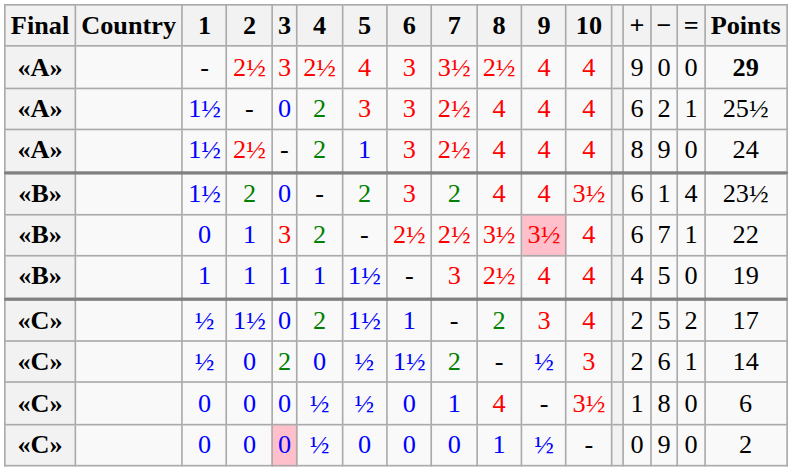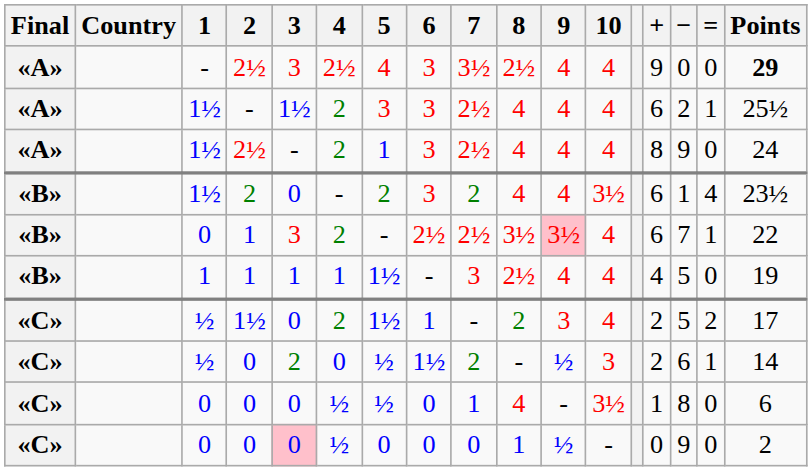 <table class="wikitable" style="text-align:center">
 <tr>
 <th>Final</th>
 <th>Country</th>
 <th>1</th>
 <th>2</th>
 <th>3</th>
 <th>4</th>
 <th>5</th>
 <th>6</th>
 <th>7</th>
 <th>8</th>
 <th>9</th>
 <th>10</th>
 <th></th>
 <th>+</th>
 <th>−</th>
 <th>=</th>
 <th>Points</th>
 </tr>
 <tr>
 <th>«A»</th>
 <td style="text-align: left"></td>
 <td>-</td>
 <td style="color: red;">2½</td>
 <td style="color: red;">3</td>
 <td style="color: red;">2½</td>
 <td style="color: red;">4</td>
 <td style="color: red;">3</td>
 <td style="color: red;">3½</td>
 <td style="color: red;">2½</td>
 <td style="color: red;">4</td>
 <td style="color: red;">4</td>
 <th></th>
 <td>9</td>
 <td>0</td>
 <td>0</td>
 <td><strong>29</strong></td>
 </tr>
 <tr>
 <th>«A»</th>
 <td style="text-align: left"></td>
 <td style="color: blue;">1½</td>
 <td>-</td>
-<td style="color: blue;">0</td>
+<td style="color: blue;">1½</td>
 <td style="color: green">2</td>
 <td style="color: red;">3</td>
 <td style="color: red;">3</td>
 <td style="color: red;">2½</td>
 <td style="color: red;">4</td>
 <td style="color: red;">4</td>
 <td style="color: red;">4</td>
 <th></th>
 <td>6</td>
 <td>2</td>
 <td>1</td>
 <td>25½</td>
 </tr>
 <tr>
 <th>«A»</th>
 <td style="text-align: left"></td>
 <td style="color: blue;">1½</td>
 <td style="color: red;">2½</td>
 <td>-</td>
 <td style="color: green">2</td>
 <td style="color: blue;">1</td>
 <td style="color: red;">3</td>
 <td style="color: red;">2½</td>
 <td style="color: red;">4</td>
 <td style="color: red;">4</td>
 <td style="color: red;">4</td>
 <th></th>
 <td>8</td>
 <td>9</td>
 <td>0</td>
 <td>24</td>
 </tr>
 <tr style="border-top:2px solid grey;">
 <th>«B»</th>
 <td style="text-align: left"></td>
 <td style="color: blue;">1½</td>
 <td style="color: green">2</td>
 <td style="color: blue;">0</td>
 <td>-</td>
 <td style="color: green">2</td>
 <td style="color: red;">3</td>
 <td style="color: green">2</td>
 <td style="color: red;">4</td>
 <td style="color: red;">4</td>
 <td style="color: red;">3½</td>
 <th></th>
 <td>6</td>
 <td>1</td>
 <td>4</td>
 <td>23½</td>
 </tr>
 <tr>
 <th>«B»</th>
 <td style="text-align: left"></td>
 <td style="color: blue;">0</td>
 <td style="color: blue;">1</td>
 <td style="color: red;">3</td>
 <td style="color: green">2</td>
 <td>-</td>
 <td style="color: red;">2½</td>
 <td style="color: red;">2½</td>
 <td style="color: red;">3½</td>
 <td style="background: pink; color: red;">3½</td>
 <td style="color: red;">4</td>
 <th></th>
 <td>6</td>
 <td>7</td>
 <td>1</td>
 <td>22</td>
 </tr>
 <tr>
 <th>«B»</th>
 <td style="text-align: left"></td>
 <td style="color: blue;">1</td>
 <td style="color: blue;">1</td>
 <td style="color: blue;">1</td>
 <td style="color: blue;">1</td>
 <td style="color: blue;">1½</td>
 <td>-</td>
 <td style="color: red;">3</td>
 <td style="color: red;">2½</td>
 <td style="color: red;">4</td>
 <td style="color: red;">4</td>
 <th></th>
 <td>4</td>
 <td>5</td>
 <td>0</td>
 <td>19</td>
 </tr>
 <tr style="border-top:2px solid grey;">
 <th>«C»</th>
 <td style="text-align: left"></td>
 <td style="color: blue;">½</td>
 <td style="color: blue;">1½</td>
 <td style="color: blue;">0</td>
 <td style="color: green">2</td>
 <td style="color: blue;">1½</td>
 <td style="color: blue;">1</td>
 <td>-</td>
 <td style="color: green">2</td>
 <td style="color: red;">3</td>
 <td style="color: red;">4</td>
 <th></th>
 <td>2</td>
 <td>5</td>
 <td>2</td>
 <td>17</td>
 </tr>
 <tr>
 <th>«C»</th>
 <td style="text-align: left"></td>
 <td style="color: blue;">½</td>
 <td style="color: blue;">0</td>
 <td style="color: green">2</td>
 <td style="color: blue;">0</td>
 <td style="color: blue;">½</td>
 <td style="color: blue;">1½</td>
 <td style="color: green">2</td>
 <td>-</td>
 <td style="color: blue;">½</td>
 <td style="color: red;">3</td>
 <th></th>
 <td>2</td>
 <td>6</td>
 <td>1</td>
 <td>14</td>
 </tr>
 <tr>
 <th>«C»</th>
 <td style="text-align: left"></td>
 <td style="color: blue;">0</td>
 <td style="color: blue;">0</td>
 <td style="color: blue;">0</td>
 <td style="color: blue;">½</td>
 <td style="color: blue;">½</td>
 <td style="color: blue;">0</td>
 <td style="color: blue;">1</td>
 <td style="color: red;">4</td>
 <td>-</td>
 <td style="color: red;">3½</td>
 <th></th>
 <td>1</td>
 <td>8</td>
 <td>0</td>
 <td>6</td>
 </tr>
 <tr>
 <th>«C»</th>
 <td style="text-align: left"></td>
 <td style="color: blue;">0</td>
 <td style="color: blue;">0</td>
 <td style="background: pink; color: blue;">0</td>
 <td style="color: blue;">½</td>
 <td style="color: blue;">0</td>
 <td style="color: blue;">0</td>
 <td style="color: blue;">0</td>
 <td style="color: blue;">1</td>
 <td style="color: blue;">½</td>
 <td>-</td>
 <th></th>
 <td>0</td>
 <td>9</td>
 <td>0</td>
 <td>2</td>
 </tr>
 </table>
